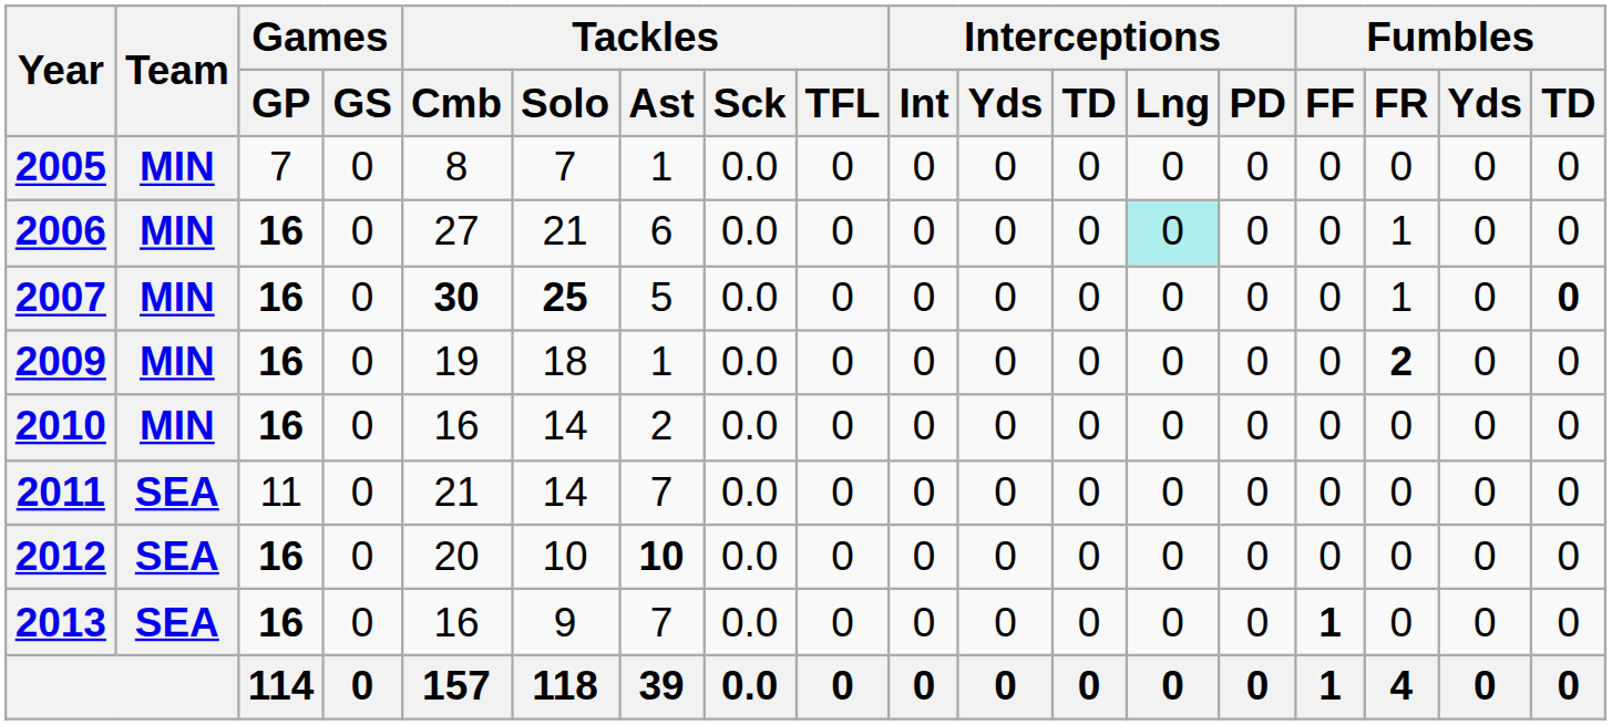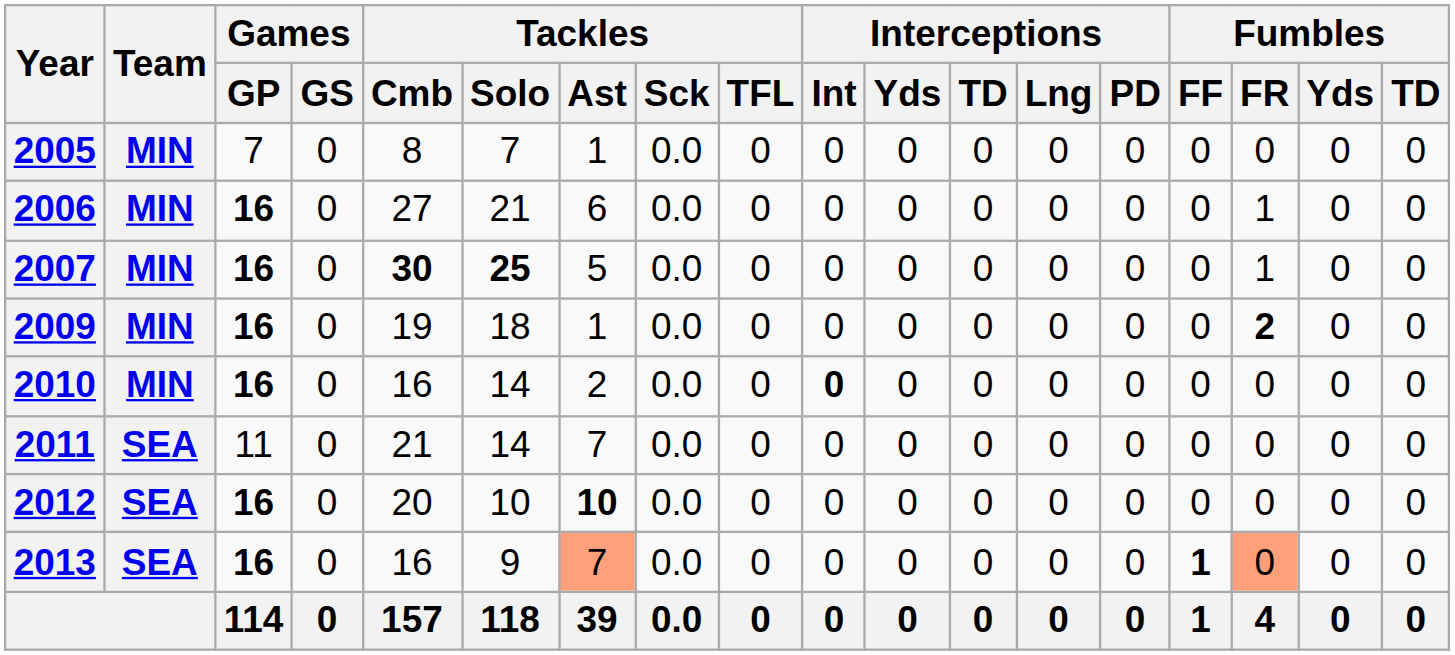 <table class="wikitable" style="text-align:center">
 <tr>
 <th rowspan="2">Year</th>
 <th rowspan="2">Team</th>
 <th colspan="2">Games</th>
 <th colspan="5">Tackles</th>
 <th colspan="5">Interceptions</th>
 <th colspan="4">Fumbles</th>
 </tr>
 <tr>
 <th>GP</th>
 <th>GS</th>
 <th>Cmb</th>
 <th>Solo</th>
 <th>Ast</th>
 <th>Sck</th>
 <th>TFL</th>
 <th>Int</th>
 <th>Yds</th>
 <th>TD</th>
 <th>Lng</th>
 <th>PD</th>
 <th>FF</th>
 <th>FR</th>
 <th>Yds</th>
 <th>TD</th>
 </tr>
 <tr>
 <th><a href='#'>2005</a></th>
 <th><a href='#'>MIN</a></th>
 <td>7</td>
 <td>0</td>
 <td>8</td>
 <td>7</td>
 <td>1</td>
 <td>0.0</td>
 <td>0</td>
 <td>0</td>
 <td>0</td>
 <td>0</td>
 <td>0</td>
 <td>0</td>
 <td>0</td>
 <td>0</td>
 <td>0</td>
 <td>0</td>
 </tr>
 <tr>
 <th><a href='#'>2006</a></th>
 <th><a href='#'>MIN</a></th>
 <td><strong>16</strong></td>
 <td>0</td>
 <td>27</td>
 <td>21</td>
 <td>6</td>
 <td>0.0</td>
 <td>0</td>
 <td>0</td>
 <td>0</td>
 <td>0</td>
-<td style="background: paleturquoise;">0</td>
+<td>0</td>
 <td>0</td>
 <td>0</td>
 <td>1</td>
 <td>0</td>
 <td>0</td>
 </tr>
 <tr>
 <th><a href='#'>2007</a></th>
 <th><a href='#'>MIN</a></th>
 <td><strong>16</strong></td>
 <td>0</td>
 <td><strong>30</strong></td>
 <td><strong>25</strong></td>
 <td>5</td>
 <td>0.0</td>
 <td>0</td>
 <td>0</td>
 <td>0</td>
 <td>0</td>
 <td>0</td>
 <td>0</td>
 <td>0</td>
 <td>1</td>
 <td>0</td>
-<td><strong>0</strong></td>
+<td>0</td>
 </tr>
 <tr>
 <th><a href='#'>2009</a></th>
 <th><a href='#'>MIN</a></th>
 <td><strong>16</strong></td>
 <td>0</td>
 <td>19</td>
 <td>18</td>
 <td>1</td>
 <td>0.0</td>
 <td>0</td>
 <td>0</td>
 <td>0</td>
 <td>0</td>
 <td>0</td>
 <td>0</td>
 <td>0</td>
 <td><strong>2</strong></td>
 <td>0</td>
 <td>0</td>
 </tr>
 <tr>
 <th><a href='#'>2010</a></th>
 <th><a href='#'>MIN</a></th>
 <td><strong>16</strong></td>
 <td>0</td>
 <td>16</td>
 <td>14</td>
 <td>2</td>
 <td>0.0</td>
 <td>0</td>
-<td>0</td>
+<td><strong>0</strong></td>
 <td>0</td>
 <td>0</td>
 <td>0</td>
 <td>0</td>
 <td>0</td>
 <td>0</td>
 <td>0</td>
 <td>0</td>
 </tr>
 <tr>
 <th><a href='#'>2011</a></th>
 <th><a href='#'>SEA</a></th>
 <td>11</td>
 <td>0</td>
 <td>21</td>
 <td>14</td>
 <td>7</td>
 <td>0.0</td>
 <td>0</td>
 <td>0</td>
 <td>0</td>
 <td>0</td>
 <td>0</td>
 <td>0</td>
 <td>0</td>
 <td>0</td>
 <td>0</td>
 <td>0</td>
 </tr>
 <tr>
 <th><a href='#'>2012</a></th>
 <th><a href='#'>SEA</a></th>
 <td><strong>16</strong></td>
 <td>0</td>
 <td>20</td>
 <td>10</td>
 <td><strong>10</strong></td>
 <td>0.0</td>
 <td>0</td>
 <td>0</td>
 <td>0</td>
 <td>0</td>
 <td>0</td>
 <td>0</td>
 <td>0</td>
 <td>0</td>
 <td>0</td>
 <td>0</td>
 </tr>
 <tr>
 <th><a href='#'>2013</a></th>
 <th><a href='#'>SEA</a></th>
 <td><strong>16</strong></td>
 <td>0</td>
 <td>16</td>
 <td>9</td>
-<td>7</td>
+<td style="background: lightsalmon;">7</td>
 <td>0.0</td>
 <td>0</td>
 <td>0</td>
 <td>0</td>
 <td>0</td>
 <td>0</td>
 <td>0</td>
 <td><strong>1</strong></td>
-<td>0</td>
+<td style="background: lightsalmon;">0</td>
 <td>0</td>
 <td>0</td>
 </tr>
 <tr>
 <th colspan="2"></th>
 <th>114</th>
 <th>0</th>
 <th>157</th>
 <th>118</th>
 <th>39</th>
 <th>0.0</th>
 <th>0</th>
 <th>0</th>
 <th>0</th>
 <th>0</th>
 <th>0</th>
 <th>0</th>
 <th>1</th>
 <th>4</th>
 <th>0</th>
 <th>0</th>
 </tr>
 </table>
